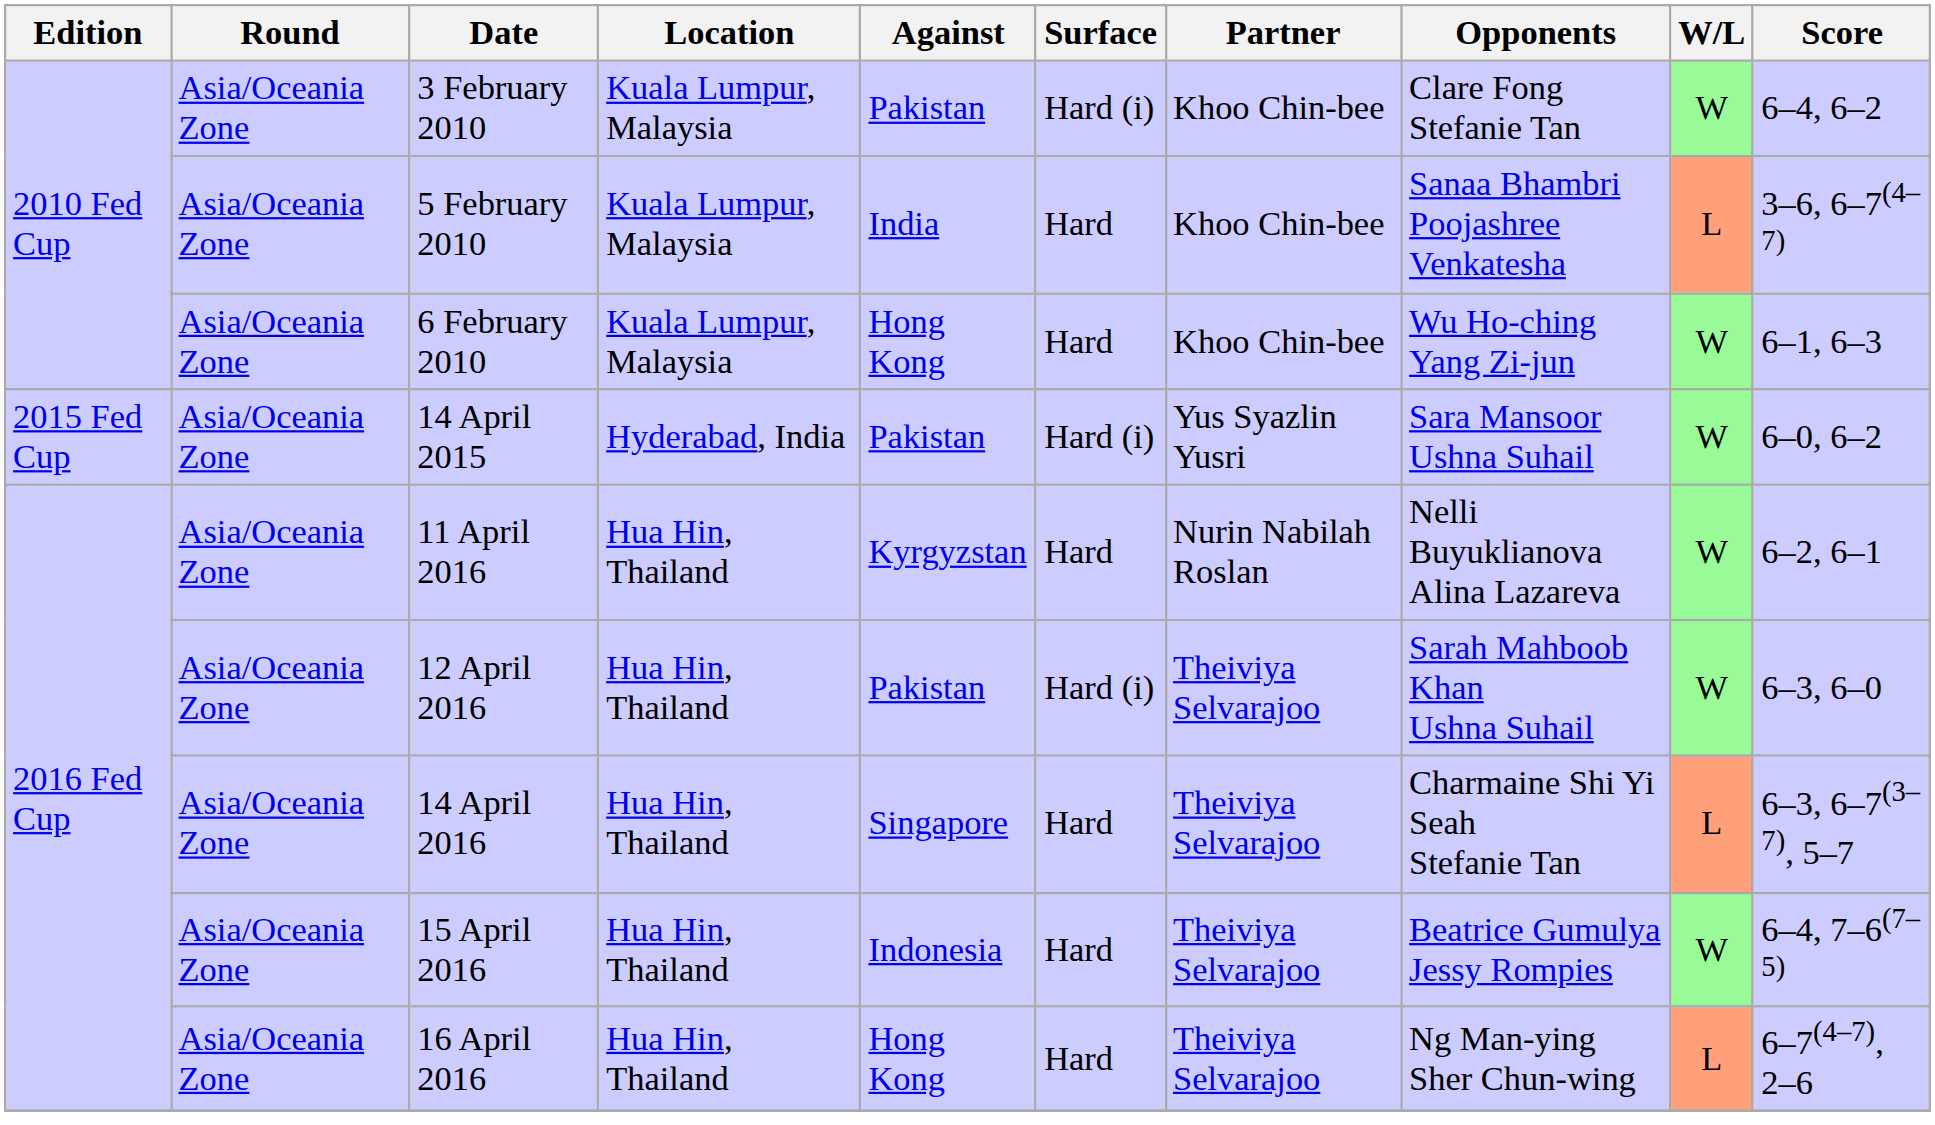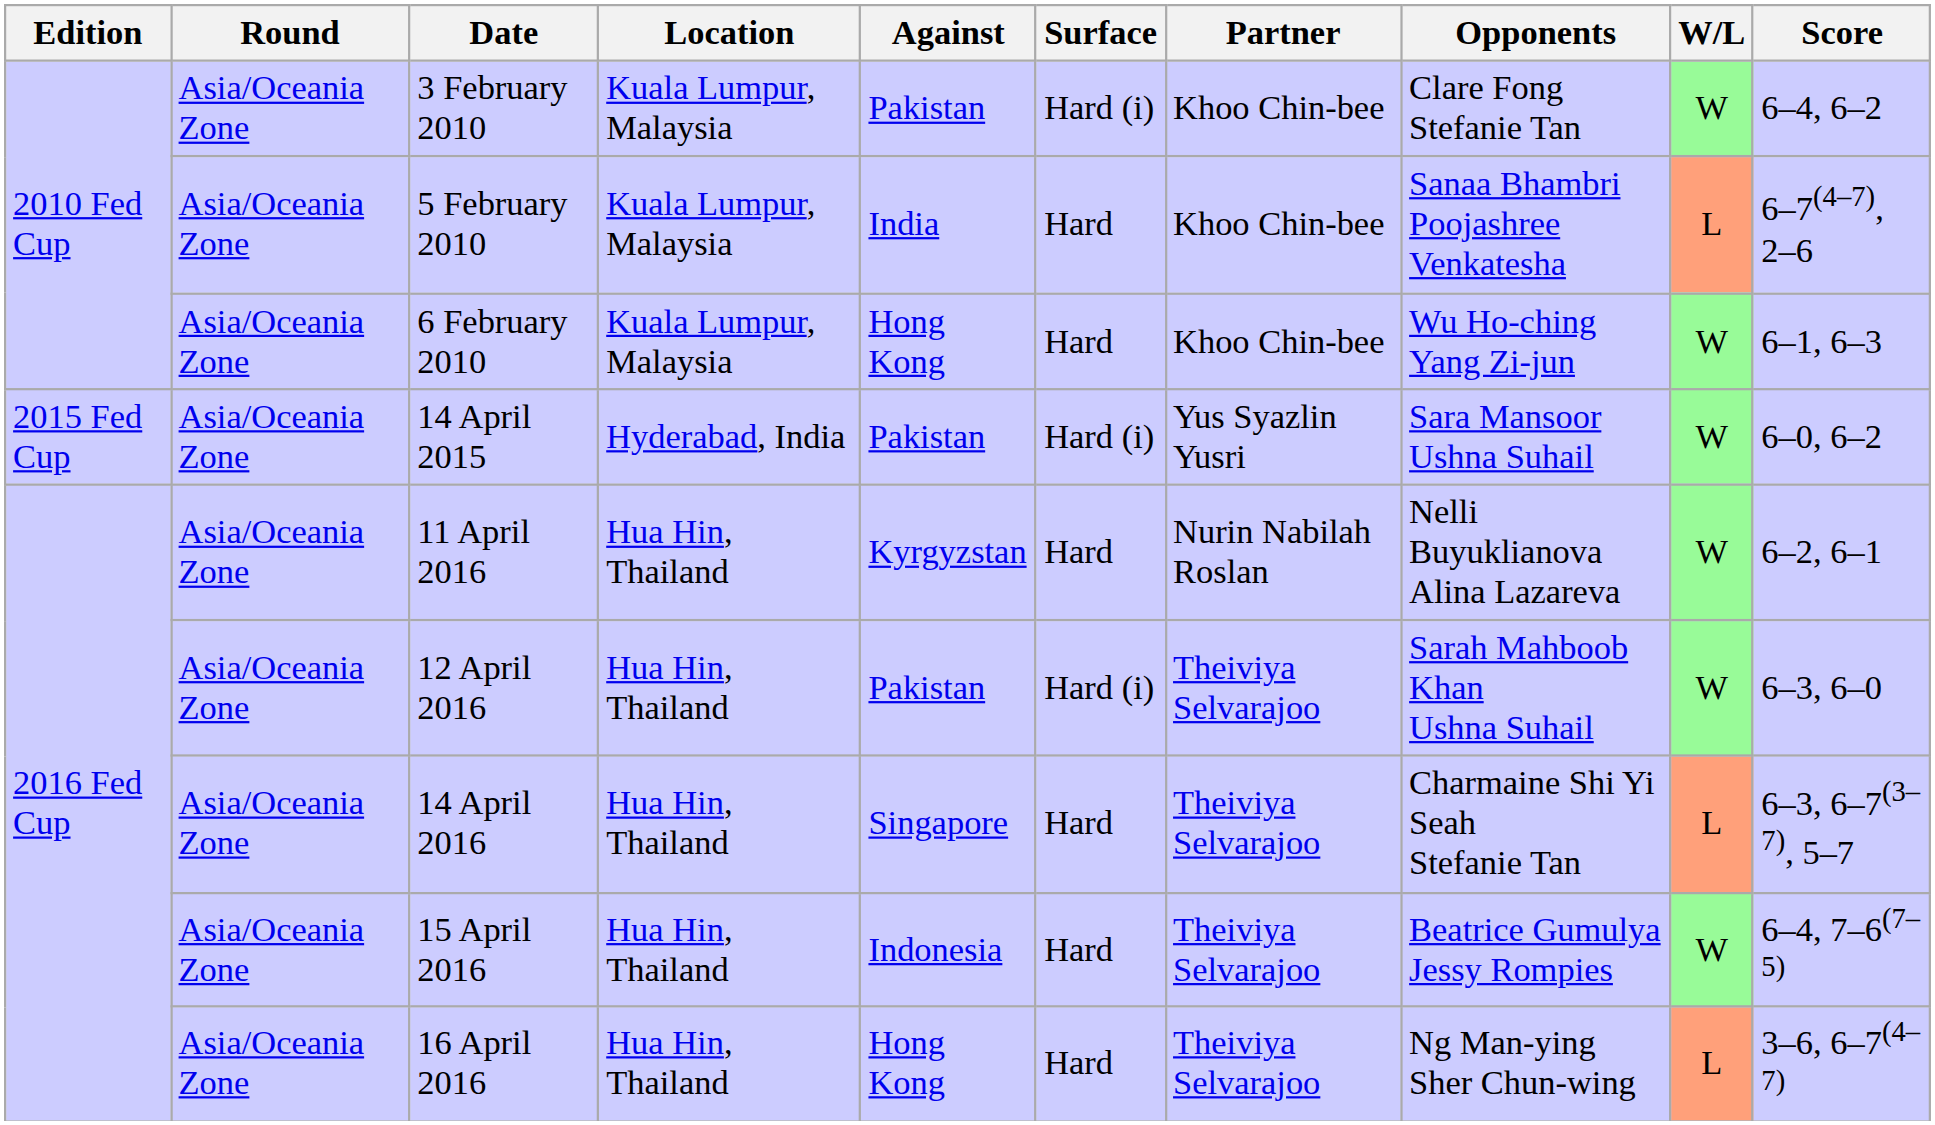 <table class=wikitable style=font-size:97%>
 <tr>
 <th>Edition</th>
 <th>Round</th>
 <th>Date</th>
 <th>Location</th>
 <th>Against</th>
 <th>Surface</th>
 <th>Partner</th>
 <th>Opponents</th>
 <th>W/L</th>
 <th>Score</th>
 </tr>
 <tr style="background:#ccccff;">
 <td rowspan="3"><a href='#'>2010 Fed Cup</a></td>
 <td><a href='#'>Asia/Oceania Zone</a></td>
 <td>3 February 2010</td>
 <td><a href='#'>Kuala Lumpur</a>, Malaysia</td>
 <td> <a href='#'>Pakistan</a></td>
 <td>Hard (i)</td>
 <td>Khoo Chin-bee</td>
 <td> Clare Fong <br>  Stefanie Tan</td>
 <td style="text-align:center; background:#98fb98;">W</td>
 <td>6–4, 6–2</td>
 </tr>
 <tr style="background:#ccccff;">
 <td><a href='#'>Asia/Oceania Zone</a></td>
 <td>5 February 2010</td>
 <td><a href='#'>Kuala Lumpur</a>, Malaysia</td>
 <td> <a href='#'>India</a></td>
 <td>Hard</td>
 <td>Khoo Chin-bee</td>
 <td> <a href='#'>Sanaa Bhambri</a> <br>  <a href='#'>Poojashree Venkatesha</a></td>
 <td style="text-align:center; background:#ffa07a;">L</td>
-<td>3–6, 6–7<sup>(4–7)</sup></td>
+<td>6–7<sup>(4–7)</sup>, 2–6</td>
 </tr>
 <tr style="background:#ccccff;">
 <td><a href='#'>Asia/Oceania Zone</a></td>
 <td>6 February 2010</td>
 <td><a href='#'>Kuala Lumpur</a>, Malaysia</td>
 <td> <a href='#'>Hong Kong</a></td>
 <td>Hard</td>
 <td>Khoo Chin-bee</td>
 <td> <a href='#'>Wu Ho-ching</a> <br>  <a href='#'>Yang Zi-jun</a></td>
 <td style="text-align:center; background:#98fb98;">W</td>
 <td>6–1, 6–3</td>
 </tr>
 <tr style="background:#ccccff;">
 <td rowspan="1"><a href='#'>2015 Fed Cup</a></td>
 <td><a href='#'>Asia/Oceania Zone</a></td>
 <td>14 April 2015</td>
 <td><a href='#'>Hyderabad</a>, India</td>
 <td> <a href='#'>Pakistan</a></td>
 <td>Hard (i)</td>
 <td>Yus Syazlin Yusri</td>
 <td> <a href='#'>Sara Mansoor</a> <br>  <a href='#'>Ushna Suhail</a></td>
 <td style="text-align:center; background:#98fb98;">W</td>
 <td>6–0, 6–2</td>
 </tr>
 <tr style="background:#ccccff;">
 <td rowspan="5"><a href='#'>2016 Fed Cup</a></td>
 <td><a href='#'>Asia/Oceania Zone</a></td>
 <td>11 April 2016</td>
 <td><a href='#'>Hua Hin</a>, Thailand</td>
 <td> <a href='#'>Kyrgyzstan</a></td>
 <td>Hard</td>
 <td>Nurin Nabilah Roslan</td>
 <td> Nelli Buyuklianova <br>  Alina Lazareva</td>
 <td style="text-align:center; background:#98fb98;">W</td>
 <td>6–2, 6–1</td>
 </tr>
 <tr style="background:#ccccff;">
 <td><a href='#'>Asia/Oceania Zone</a></td>
 <td>12 April 2016</td>
 <td><a href='#'>Hua Hin</a>, Thailand</td>
 <td> <a href='#'>Pakistan</a></td>
 <td>Hard (i)</td>
 <td><a href='#'>Theiviya Selvarajoo</a></td>
 <td> <a href='#'>Sarah Mahboob Khan</a> <br>  <a href='#'>Ushna Suhail</a></td>
 <td style="text-align:center; background:#98fb98;">W</td>
 <td>6–3, 6–0</td>
 </tr>
 <tr style="background:#ccccff;">
 <td><a href='#'>Asia/Oceania Zone</a></td>
 <td>14 April 2016</td>
 <td><a href='#'>Hua Hin</a>, Thailand</td>
 <td> <a href='#'>Singapore</a></td>
 <td>Hard</td>
 <td><a href='#'>Theiviya Selvarajoo</a></td>
 <td> Charmaine Shi Yi Seah <br>  Stefanie Tan</td>
 <td style="text-align:center; background:#ffa07a;">L</td>
 <td>6–3, 6–7<sup>(3–7)</sup>, 5–7</td>
 </tr>
 <tr style="background:#ccccff;">
 <td><a href='#'>Asia/Oceania Zone</a></td>
 <td>15 April 2016</td>
 <td><a href='#'>Hua Hin</a>, Thailand</td>
 <td> <a href='#'>Indonesia</a></td>
 <td>Hard</td>
 <td><a href='#'>Theiviya Selvarajoo</a></td>
 <td> <a href='#'>Beatrice Gumulya</a> <br>  <a href='#'>Jessy Rompies</a></td>
 <td style="text-align:center; background:#98fb98;">W</td>
 <td>6–4, 7–6<sup>(7–5)</sup></td>
 </tr>
 <tr style="background:#ccccff;">
 <td><a href='#'>Asia/Oceania Zone</a></td>
 <td>16 April 2016</td>
 <td><a href='#'>Hua Hin</a>, Thailand</td>
 <td> <a href='#'>Hong Kong</a></td>
 <td>Hard</td>
 <td><a href='#'>Theiviya Selvarajoo</a></td>
 <td> Ng Man-ying <br>  Sher Chun-wing</td>
 <td style="text-align:center; background:#ffa07a;">L</td>
-<td>6–7<sup>(4–7)</sup>, 2–6</td>
+<td>3–6, 6–7<sup>(4–7)</sup></td>
 </tr>
 <tr style="back">
 </tr>
 </table>
